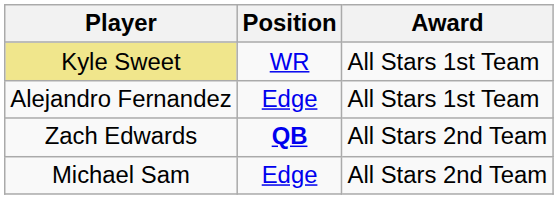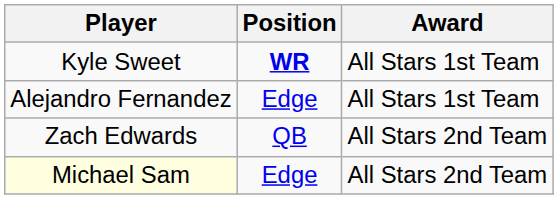 <table class="wikitable">
 <tr>
 <th>Player</th>
 <th>Position</th>
 <th>Award</th>
 </tr>
 <tr>
-<td align="center" style="background: khaki;">Kyle Sweet </td>
-<td align="center"><a href='#'>WR</a></td>
+<td align="center">Kyle Sweet </td>
+<td align="center"><strong><a href='#'>WR</a></strong></td>
 <td>All Stars 1st Team</td>
 </tr>
 <tr>
 <td align="center">Alejandro Fernandez </td>
 <td align="center"><a href='#'>Edge</a></td>
 <td>All Stars 1st Team</td>
 </tr>
 <tr>
 <td align="center">Zach Edwards </td>
-<td align="center"><strong><a href='#'>QB</a></strong></td>
+<td align="center"><a href='#'>QB</a></td>
 <td>All Stars 2nd Team</td>
 </tr>
 <tr>
-<td align="center">Michael Sam </td>
+<td align="center" style="background: lightyellow;">Michael Sam </td>
 <td align="center"><a href='#'>Edge</a></td>
 <td>All Stars 2nd Team</td>
 </tr>
 </table>
